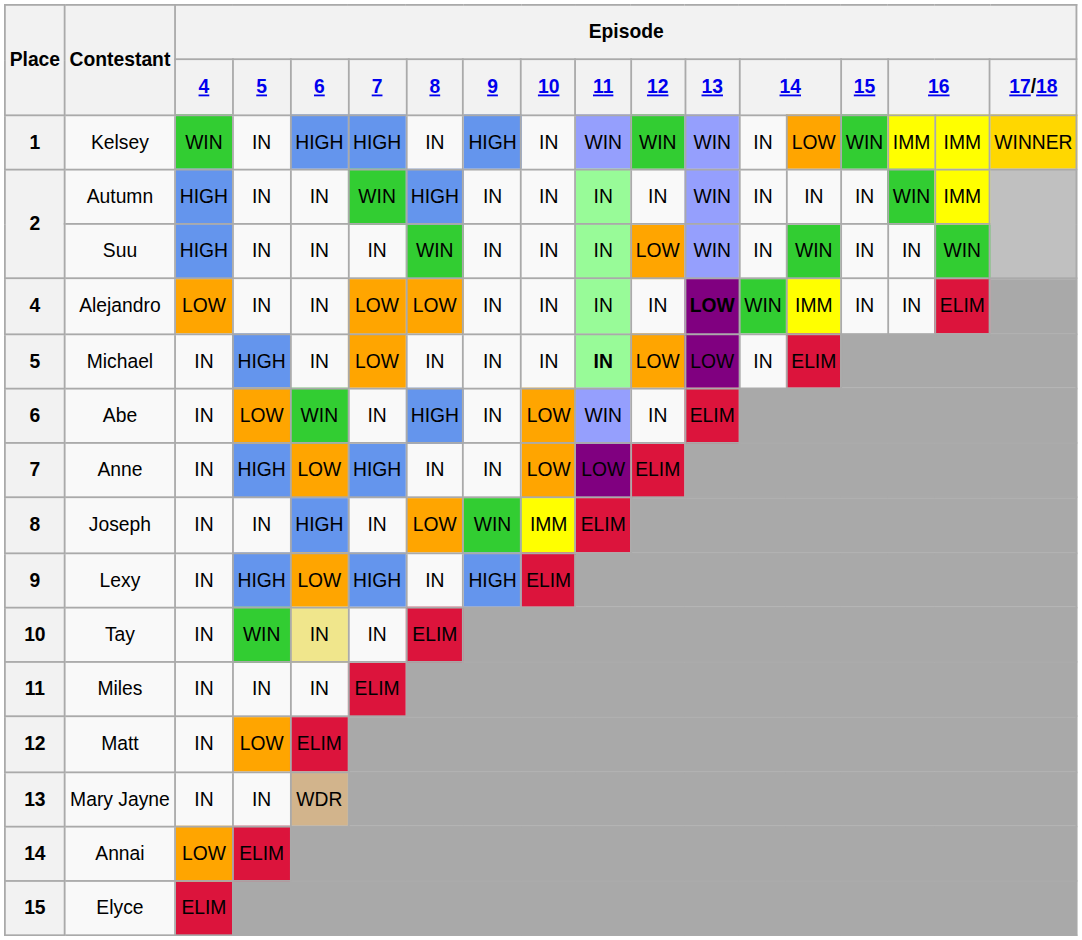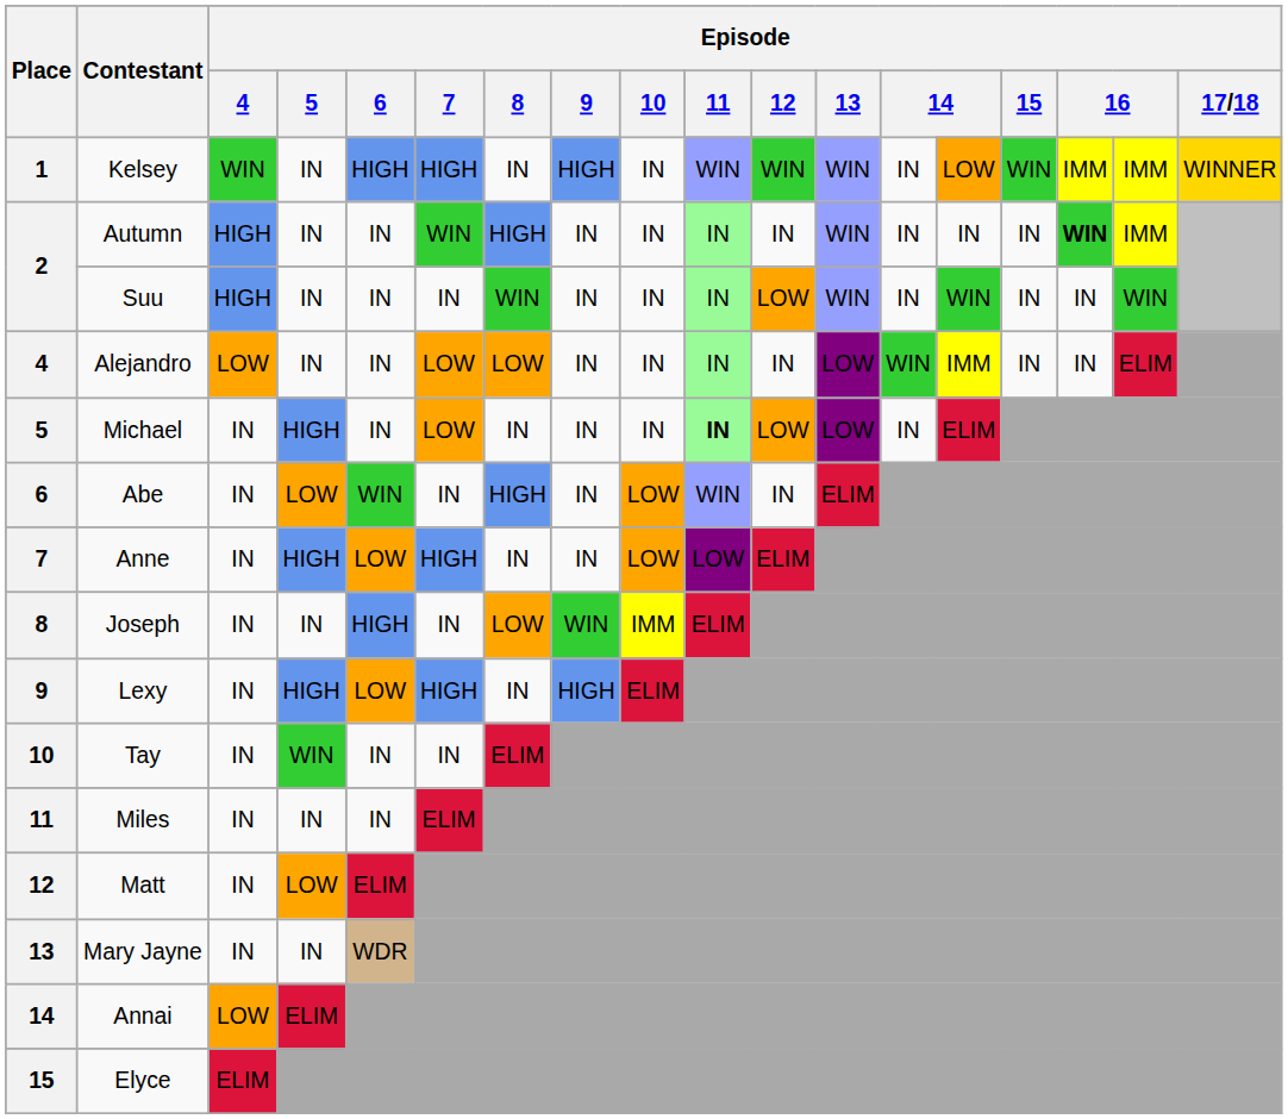 <table class="wikitable" style="text-align: center; font-size: 8pt; line-height:25px;">
 <tr>
 <th rowspan="2">Place</th>
 <th rowspan="2">Contestant</th>
 <th colspan="16">Episode</th>
 </tr>
 <tr>
 <th><a href='#'>4</a></th>
 <th><a href='#'>5</a></th>
 <th><a href='#'>6</a></th>
 <th><a href='#'>7</a></th>
 <th><a href='#'>8</a></th>
 <th><a href='#'>9</a></th>
 <th><a href='#'>10</a></th>
 <th><a href='#'>11</a></th>
 <th><a href='#'>12</a></th>
 <th><a href='#'>13</a></th>
 <th colspan="2"><a href='#'>14</a></th>
 <th><a href='#'>15</a></th>
 <th colspan="2"><a href='#'>16</a></th>
 <th><a href='#'>17</a>/<a href='#'>18</a></th>
 </tr>
 <tr>
 <th>1</th>
 <td>Kelsey</td>
 <td style="background:limegreen;">WIN</td>
 <td>IN</td>
 <td style="background:cornflowerblue;">HIGH</td>
 <td style="background:cornflowerblue;">HIGH</td>
 <td>IN</td>
 <td style="background:cornflowerblue;">HIGH</td>
 <td>IN</td>
 <td style="background:#959FFD;">WIN</td>
 <td style="background:limegreen;">WIN</td>
 <td style="background:#959FFD;">WIN</td>
 <td>IN</td>
 <td style="background:orange;">LOW</td>
 <td style="background:limegreen;">WIN</td>
 <td style="background:yellow;">IMM</td>
 <td style="background:yellow;">IMM</td>
 <td style="background:gold;">WINNER</td>
 </tr>
 <tr>
 <th rowspan="2">2</th>
 <td>Autumn</td>
 <td style="background:cornflowerblue;">HIGH</td>
 <td>IN</td>
 <td>IN</td>
 <td style="background:limegreen;">WIN</td>
 <td style="background:cornflowerblue;">HIGH</td>
 <td>IN</td>
 <td>IN</td>
 <td style="background:palegreen;">IN</td>
 <td>IN</td>
 <td style="background:#959FFD;">WIN</td>
 <td>IN</td>
 <td>IN</td>
 <td>IN</td>
-<td style="background:limegreen;">WIN</td>
+<td style="background:limegreen;"><strong>WIN</strong></td>
 <td style="background:yellow;">IMM</td>
 <td style="background:silver;" rowspan="2"></td>
 </tr>
 <tr>
 <td>Suu</td>
 <td style="background:cornflowerblue;">HIGH</td>
 <td>IN</td>
 <td>IN</td>
 <td>IN</td>
 <td style="background:limegreen;">WIN</td>
 <td>IN</td>
 <td>IN</td>
 <td style="background:palegreen;">IN</td>
 <td style="background:orange;">LOW</td>
 <td style="background:#959FFD;">WIN</td>
 <td>IN</td>
 <td style="background:limegreen;">WIN</td>
 <td>IN</td>
 <td>IN</td>
 <td style="background:limegreen;">WIN</td>
 </tr>
 <tr>
 <th>4</th>
 <td>Alejandro</td>
 <td style="background:orange;">LOW</td>
 <td>IN</td>
 <td>IN</td>
 <td style="background:orange;">LOW</td>
 <td style="background:orange;">LOW</td>
 <td>IN</td>
 <td>IN</td>
 <td style="background:palegreen;">IN</td>
 <td>IN</td>
-<td style="background:purple;"><strong>LOW</strong></td>
+<td style="background:purple;">LOW</td>
 <td style="background:limegreen;">WIN</td>
 <td style="background:yellow;">IMM</td>
 <td>IN</td>
 <td>IN</td>
 <td style="background:crimson;">ELIM</td>
 <td style="background:darkgrey;" colspan="1"></td>
 </tr>
 <tr>
 <th>5</th>
 <td>Michael</td>
 <td>IN</td>
 <td style="background:cornflowerblue;">HIGH</td>
 <td>IN</td>
 <td style="background:orange;">LOW</td>
 <td>IN</td>
 <td>IN</td>
 <td>IN</td>
 <td style="background:palegreen;"><strong>IN</strong></td>
 <td style="background:orange;">LOW</td>
 <td style="background:purple;">LOW</td>
 <td>IN</td>
 <td style="background:crimson;">ELIM</td>
 <td style="background:darkgrey;" colspan="4"></td>
 </tr>
 <tr>
 <th>6</th>
 <td>Abe</td>
 <td>IN</td>
 <td style="background:orange;">LOW</td>
 <td style="background:limegreen;">WIN</td>
 <td>IN</td>
 <td style="background:cornflowerblue;">HIGH</td>
 <td>IN</td>
 <td style="background:orange;">LOW</td>
 <td style="background:#959FFD;">WIN</td>
 <td>IN</td>
 <td style="background:crimson;">ELIM</td>
 <td style="background:darkgrey;" colspan="6"></td>
 </tr>
 <tr>
 <th>7</th>
 <td>Anne</td>
 <td>IN</td>
 <td style="background:cornflowerblue;">HIGH</td>
 <td style="background:orange;">LOW</td>
 <td style="background:cornflowerblue;">HIGH</td>
 <td>IN</td>
 <td>IN</td>
 <td style="background:orange;">LOW</td>
 <td style="background:purple;">LOW</td>
 <td style="background:crimson;">ELIM</td>
 <td style="background:darkgrey;" colspan="7"></td>
 </tr>
 <tr>
 <th>8</th>
 <td>Joseph</td>
 <td>IN</td>
 <td>IN</td>
 <td style="background:cornflowerblue;">HIGH</td>
 <td>IN</td>
 <td style="background:orange;">LOW</td>
 <td style="background:limegreen;">WIN</td>
 <td style="background:yellow;">IMM</td>
 <td style="background:crimson;">ELIM</td>
 <td style="background:darkgrey;" colspan="8"></td>
 </tr>
 <tr>
 <th>9</th>
 <td>Lexy</td>
 <td>IN</td>
 <td style="background:cornflowerblue;">HIGH</td>
 <td style="background:orange;">LOW</td>
 <td style="background:cornflowerblue;">HIGH</td>
 <td>IN</td>
 <td style="background:cornflowerblue;">HIGH</td>
 <td style="background:crimson;">ELIM</td>
 <td style="background:darkgrey;" colspan="9"></td>
 </tr>
 <tr>
 <th>10</th>
 <td>Tay</td>
 <td>IN</td>
 <td style="background:limegreen;">WIN</td>
-<td style="background: khaki;">IN</td>
+<td>IN</td>
 <td>IN</td>
 <td style="background:crimson;">ELIM</td>
 <td style="background:darkgrey;" colspan="11"></td>
 </tr>
 <tr>
 <th>11</th>
 <td>Miles</td>
 <td>IN</td>
 <td>IN</td>
 <td>IN</td>
 <td style="background:crimson;">ELIM</td>
 <td style="background:darkgrey;" colspan="12"></td>
 </tr>
 <tr>
 <th>12</th>
 <td>Matt</td>
 <td>IN</td>
 <td style="background:orange;">LOW</td>
 <td style="background:crimson;">ELIM</td>
 <td style="background:darkgrey;" colspan="13"></td>
 </tr>
 <tr>
 <th>13</th>
 <td>Mary Jayne</td>
 <td>IN</td>
 <td>IN</td>
 <td style="background:tan;">WDR</td>
 <td style="background:darkgrey;" colspan="13"></td>
 </tr>
 <tr>
 <th>14</th>
 <td>Annai</td>
 <td style="background:orange;">LOW</td>
 <td style="background:crimson;">ELIM</td>
 <td style="background:darkgrey;" colspan="14"></td>
 </tr>
 <tr>
 <th>15</th>
 <td>Elyce</td>
 <td style="background:crimson;">ELIM</td>
 <td style="background:darkgrey;" colspan="15"></td>
 </tr>
 </table>
